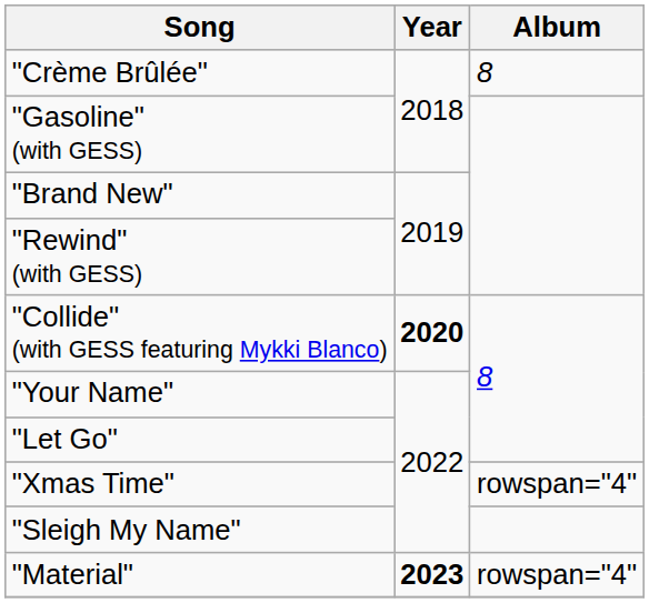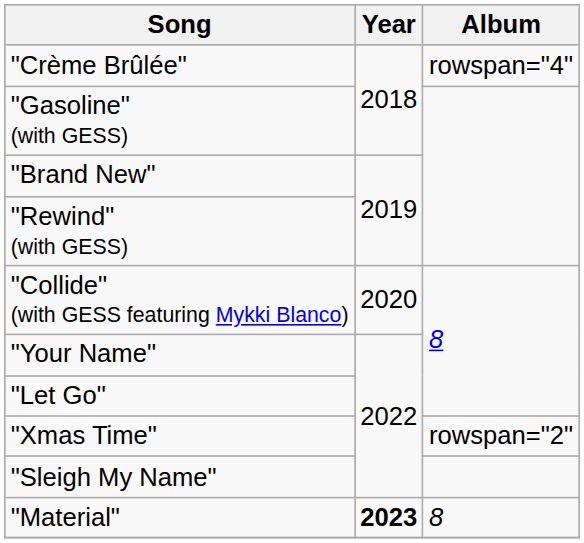 <table class="wikitable">
 <tr>
 <th>Song</th>
 <th>Year</th>
 <th>Album</th>
 </tr>
 <tr>
 <td scope="row">"Crème Brûlée"</td>
 <td rowspan="2">2018</td>
-<td><em>8</em></td>
+<td>rowspan="4" </td>
 </tr>
 <tr>
 <td scope="row">"Gasoline"<br><small>(with GESS)</small></td>
 </tr>
 <tr>
 <td scope="row">"Brand New"</td>
 <td rowspan="2">2019</td>
 </tr>
 <tr>
 <td scope="row">"Rewind"<br><small>(with GESS)</small></td>
 </tr>
 <tr>
 <td scope="row">"Collide"<br><small>(with GESS featuring <a href='#'>Mykki Blanco</a>)</small></td>
-<td><strong>2020</strong></td>
+<td>2020</td>
 <td rowspan="3"><a href='#'><em>8</em></a></td>
 </tr>
 <tr>
 <td scope="row">"Your Name"</td>
 <td rowspan="4">2022</td>
 </tr>
 <tr>
 <td scope="row">"Let Go"</td>
 </tr>
 <tr>
 <td scope="row">"Xmas Time"</td>
-<td>rowspan="4" </td>
+<td>rowspan="2" </td>
 </tr>
 <tr>
 <td scope="row">"Sleigh My Name" </td>
 </tr>
 <tr>
 <td scope="row">"Material"</td>
 <td><strong>2023</strong></td>
-<td>rowspan="4" </td>
+<td><em>8</em></td>
 </tr>
 <tr>
 </tr>
 </table>
